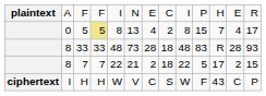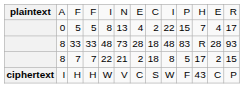 <table class="wikitable" border="1" style="text-align:right">
 <tr>
 <th>plaintext</th>
 <td>A</td>
 <td>F</td>
 <td>F</td>
 <td>I</td>
 <td>N</td>
 <td>E</td>
 <td>C</td>
 <td>I</td>
 <td>P</td>
 <td>H</td>
 <td>E</td>
 <td>R</td>
 </tr>
 <tr>
 <th></th>
 <td>0</td>
 <td>5</td>
-<td style="background: khaki;">5</td>
+<td>5</td>
 <td>8</td>
 <td>13</td>
 <td>4</td>
 <td>2</td>
-<td>8</td>
+<td>22</td>
 <td>15</td>
 <td>7</td>
 <td>4</td>
 <td>17</td>
 </tr>
 <tr>
 <th></th>
 <td>8</td>
 <td>33</td>
 <td>33</td>
 <td>48</td>
 <td>73</td>
 <td>28</td>
 <td>18</td>
 <td>48</td>
 <td>83</td>
 <td>R</td>
 <td>28</td>
 <td>93</td>
 </tr>
 <tr>
 <th></th>
 <td>8</td>
 <td>7</td>
 <td>7</td>
 <td>22</td>
 <td>21</td>
 <td>2</td>
 <td>18</td>
-<td>22</td>
+<td>8</td>
 <td>5</td>
 <td>17</td>
 <td>2</td>
 <td>15</td>
 </tr>
 <tr>
 <th>ciphertext</th>
 <td>I</td>
 <td>H</td>
 <td>H</td>
 <td>W</td>
 <td>V</td>
 <td>C</td>
 <td>S</td>
 <td>W</td>
 <td>F</td>
 <td>43</td>
 <td>C</td>
 <td>P</td>
 </tr>
 </table>
